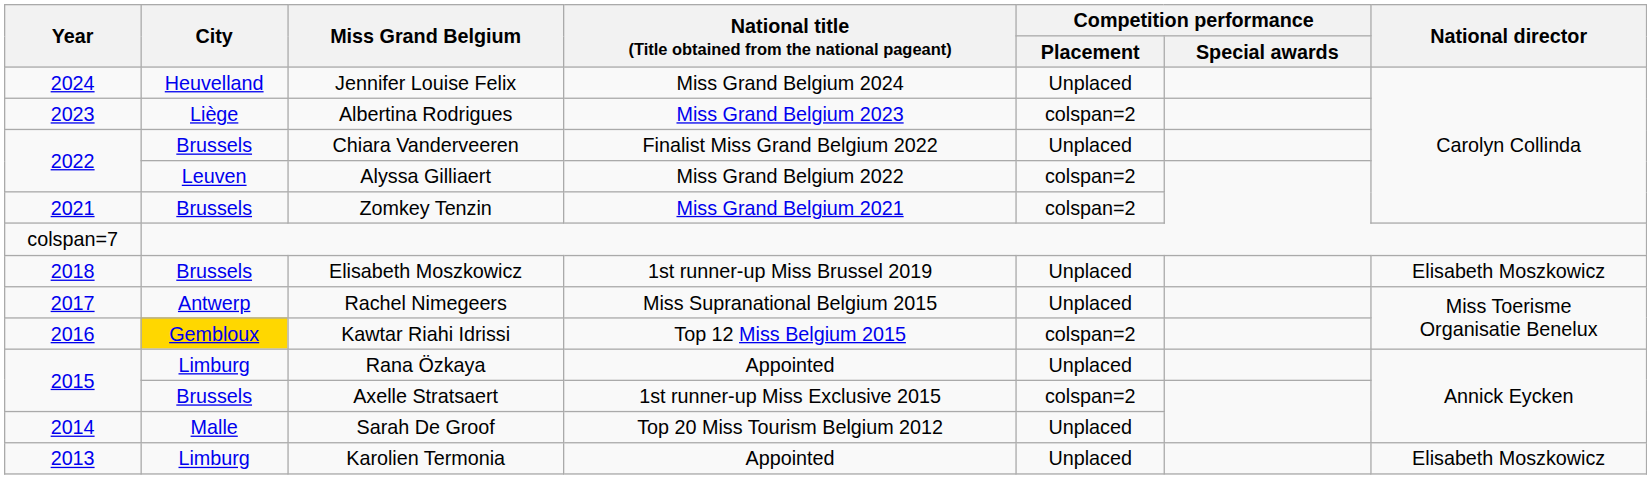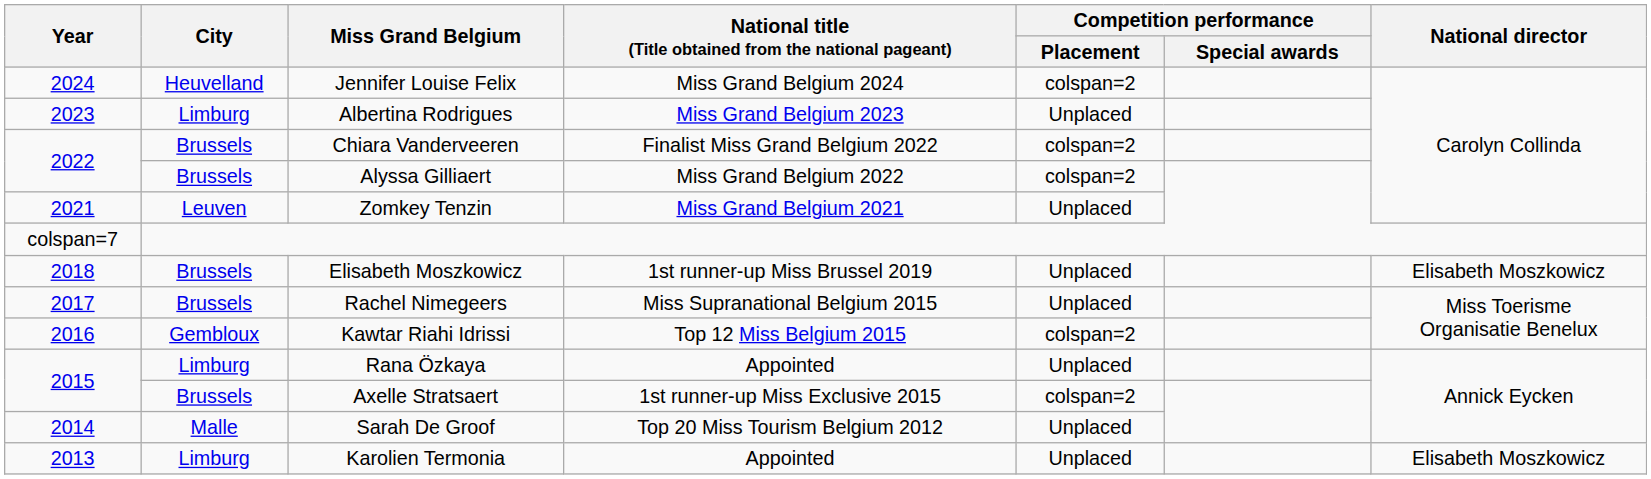 <table class="wikitable" style="font-size: 95%; text-align:center; width:100%">
 <tr>
 <th rowspan=2>Year</th>
 <th rowspan=2>City</th>
 <th rowspan=2>Miss Grand Belgium</th>
 <th rowspan=2>National title<br><small>(Title obtained from the national pageant)</small></th>
 <th colspan=2>Competition performance</th>
 <th rowspan=2>National director</th>
 </tr>
 <tr>
 <th>Placement</th>
 <th>Special awards</th>
 </tr>
 <tr>
 <td><a href='#'>2024</a></td>
 <td><a href='#'>Heuvelland</a></td>
 <td>Jennifer Louise Felix</td>
 <td>Miss Grand Belgium 2024</td>
-<td>Unplaced</td>
+<td>colspan=2 </td>
 <td></td>
 <td rowspan=5>Carolyn Collinda</td>
 </tr>
 <tr>
 <td><a href='#'>2023</a></td>
-<td><a href='#'>Liège</a></td>
+<td><a href='#'>Limburg</a></td>
 <td>Albertina Rodrigues</td>
 <td><a href='#'>Miss Grand Belgium 2023</a></td>
-<td>colspan=2 </td>
+<td>Unplaced</td>
 <td></td>
 </tr>
 <tr>
 <td rowspan="2"><a href='#'>2022</a></td>
 <td><a href='#'>Brussels</a></td>
 <td>Chiara Vanderveeren</td>
 <td>Finalist Miss Grand Belgium 2022</td>
-<td>Unplaced</td>
+<td>colspan=2 </td>
 <td></td>
 </tr>
 <tr>
-<td><a href='#'>Leuven</a></td>
+<td><a href='#'>Brussels</a></td>
 <td>Alyssa Gilliaert</td>
 <td>Miss Grand Belgium 2022</td>
 <td>colspan=2 </td>
 </tr>
 <tr>
 <td><a href='#'>2021</a></td>
-<td><a href='#'>Brussels</a></td>
+<td><a href='#'>Leuven</a></td>
 <td>Zomkey Tenzin</td>
 <td><a href='#'>Miss Grand Belgium 2021</a></td>
-<td>colspan=2 </td>
+<td>Unplaced</td>
 </tr>
 <tr>
 <td>colspan=7 </td>
 </tr>
 <tr>
 <td><a href='#'>2018</a></td>
 <td><a href='#'>Brussels</a></td>
 <td>Elisabeth Moszkowicz</td>
 <td>1st runner-up Miss Brussel 2019</td>
 <td>Unplaced</td>
 <td></td>
 <td>Elisabeth Moszkowicz</td>
 </tr>
 <tr>
 <td><a href='#'>2017</a></td>
-<td><a href='#'>Antwerp</a></td>
+<td><a href='#'>Brussels</a></td>
 <td>Rachel Nimegeers</td>
 <td>Miss Supranational Belgium 2015</td>
 <td>Unplaced</td>
 <td></td>
 <td rowspan=2>Miss Toerisme<br>Organisatie Benelux</td>
 </tr>
 <tr>
 <td><a href='#'>2016</a></td>
-<td style="background: gold;"><a href='#'>Gembloux</a></td>
+<td><a href='#'>Gembloux</a></td>
 <td>Kawtar Riahi Idrissi</td>
 <td>Top 12 <a href='#'>Miss Belgium 2015</a></td>
 <td>colspan=2 </td>
 <td></td>
 </tr>
 <tr>
 <td rowspan=2><a href='#'>2015</a></td>
 <td><a href='#'>Limburg</a></td>
 <td>Rana Özkaya</td>
 <td>Appointed</td>
 <td>Unplaced</td>
 <td></td>
 <td rowspan=3>Annick Eycken</td>
 </tr>
 <tr>
 <td><a href='#'>Brussels</a></td>
 <td>Axelle Stratsaert</td>
 <td>1st runner-up Miss Exclusive 2015</td>
 <td>colspan=2 </td>
 </tr>
 <tr>
 <td><a href='#'>2014</a></td>
 <td><a href='#'>Malle</a></td>
 <td>Sarah De Groof</td>
 <td>Top 20 Miss Tourism Belgium 2012</td>
 <td>Unplaced</td>
 </tr>
 <tr>
 <td><a href='#'>2013</a></td>
 <td><a href='#'>Limburg</a></td>
 <td>Karolien Termonia</td>
 <td>Appointed</td>
 <td>Unplaced</td>
 <td></td>
 <td>Elisabeth Moszkowicz</td>
 </tr>
 </table>
